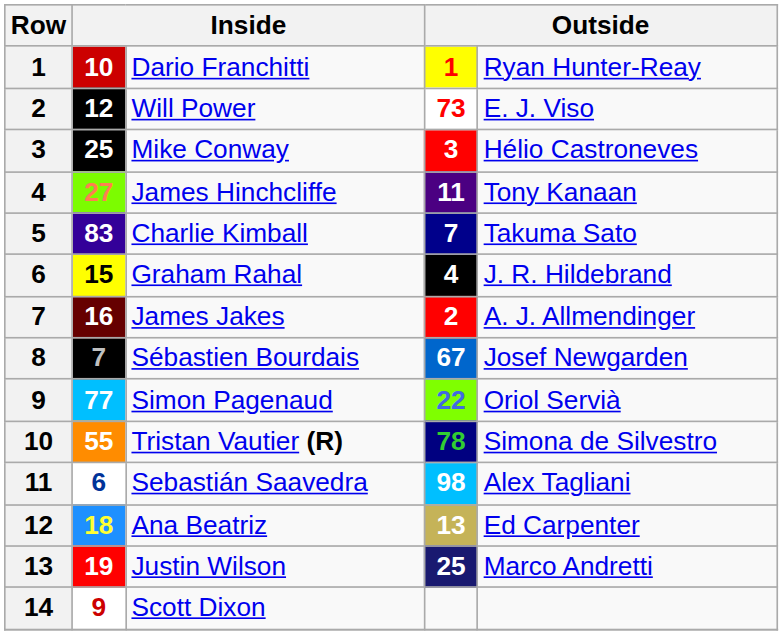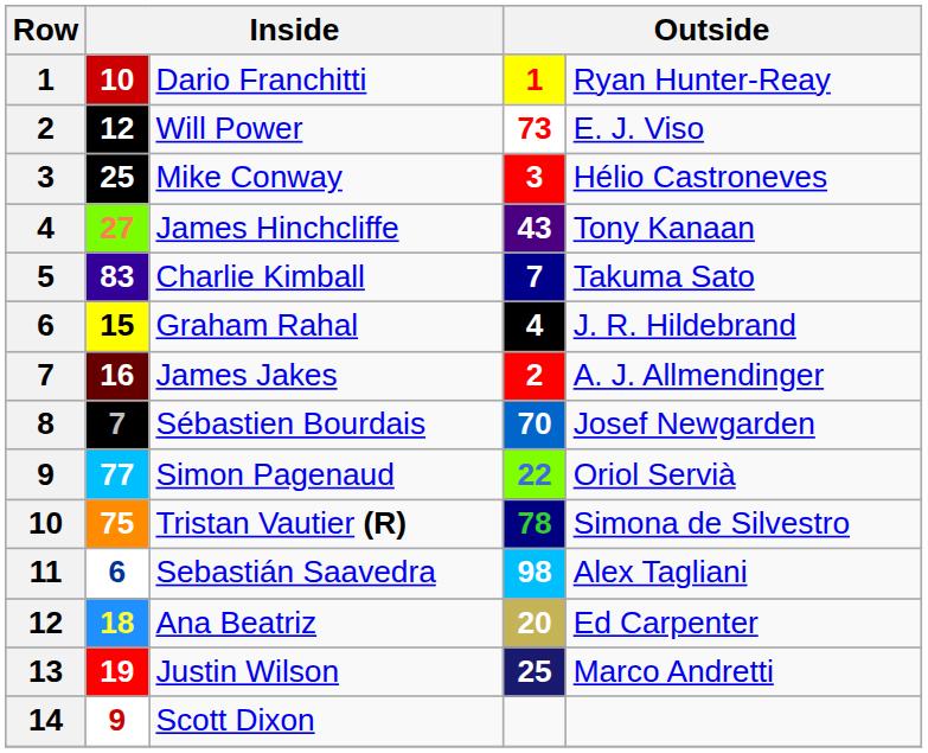 <table class="wikitable" " style="fontsize:95%">
 <tr>
 <th width="25">Row</th>
 <th colspan=2 width="200">Inside</th>
 <th colspan=2 width="200">Outside</th>
 </tr>
 <tr>
 <th>1</th>
 <td style="background:#CC0000; color:white;" align="center" width="25"><strong>10</strong></td>
 <td width="175"> <a href='#'>Dario Franchitti</a></td>
 <td style="background:yellow; color:red;" align="center" width="25"><strong>1</strong></td>
 <td width="175"> <a href='#'>Ryan Hunter-Reay</a></td>
 </tr>
 <tr>
 <th>2</th>
 <td style="background:black; color:white;" align="center" width="25"><strong>12</strong></td>
 <td width="175"> <a href='#'>Will Power</a></td>
 <td style="background:white; color:red;" align="center" width="25"><strong>73</strong></td>
 <td width="175"> <a href='#'>E. J. Viso</a></td>
 </tr>
 <tr>
 <th>3</th>
 <td style="background:black; color:white;" align="center"><strong>25</strong></td>
 <td> <a href='#'>Mike Conway</a></td>
 <td style="background:red; color:white;" align="center" width="25"><strong>3</strong></td>
 <td width="175"> <a href='#'>Hélio Castroneves</a></td>
 </tr>
 <tr>
 <th>4</th>
 <td style="background:lawngreen; color:coral;" align="center" width="25"><strong>27</strong></td>
 <td width="175"> <a href='#'>James Hinchcliffe</a></td>
-<td style="background:indigo; color:white;" align="center" width="25"><strong>11</strong></td>
+<td style="background:indigo; color:white;" align="center" width="25"><strong>43</strong></td>
 <td width="175"> <a href='#'>Tony Kanaan</a></td>
 </tr>
 <tr>
 <th>5</th>
 <td style="background:#330099; color:white;" align="center" width="25"><strong>83</strong></td>
 <td width="175"> <a href='#'>Charlie Kimball</a></td>
 <td style="background:darkblue; color:white;" align="center" width="25"><strong>7</strong></td>
 <td width="175"> <a href='#'>Takuma Sato</a></td>
 </tr>
 <tr>
 <th>6</th>
 <td style="background:yellow; color:black;" align="center" width="25"><strong>15</strong></td>
 <td width="175"> <a href='#'>Graham Rahal</a></td>
 <td style="background:black; color:white;" align="center" width="25"><strong>4</strong></td>
 <td width="175"> <a href='#'>J. R. Hildebrand</a></td>
 </tr>
 <tr>
 <th>7</th>
 <td style="background:#660000; color:white;" align="center" width="25"><strong>16</strong></td>
 <td width="175"> <a href='#'>James Jakes</a></td>
 <td style="background:red; color:white;" align="center"><strong>2</strong></td>
 <td> <a href='#'>A. J. Allmendinger</a></td>
 </tr>
 <tr>
 <th>8</th>
 <td style="background:black; color:silver;" align="center"><strong>7</strong></td>
 <td> <a href='#'>Sébastien Bourdais</a></td>
-<td style="background:#0066CC; color:white;" align="center"><strong>67</strong></td>
+<td style="background:#0066CC; color:white;" align="center"><strong>70</strong></td>
 <td> <a href='#'>Josef Newgarden</a></td>
 </tr>
 <tr>
 <th>9</th>
 <td style="background:deepskyblue; color:white;" align="center" width="25"><strong>77</strong></td>
 <td width="175"> <a href='#'>Simon Pagenaud</a></td>
 <td style="background:chartreuse; color:royalblue;" align="center"><strong>22</strong></td>
 <td> <a href='#'>Oriol Servià</a></td>
 </tr>
 <tr>
 <th>10</th>
-<td style="background:darkorange; color:white;" align="center"><strong>55</strong></td>
+<td style="background:darkorange; color:white;" align="center"><strong>75</strong></td>
 <td> <a href='#'>Tristan Vautier</a> <strong>(R)</strong></td>
 <td style="background:navy; color:limegreen;" align="center"><strong>78</strong></td>
 <td> <a href='#'>Simona de Silvestro</a></td>
 </tr>
 <tr>
 <th>11</th>
 <td style="background:white; color:#003399;" align="center"><strong>6</strong></td>
 <td> <a href='#'>Sebastián Saavedra</a></td>
 <td style="background:deepskyblue; color:white;" align="center"><strong>98</strong></td>
 <td> <a href='#'>Alex Tagliani</a></td>
 </tr>
 <tr>
 <th>12</th>
 <td style="background:dodgerblue; color:#FFFF33;" align="center" width="25"><strong>18</strong></td>
 <td width="175"> <a href='#'>Ana Beatriz</a></td>
-<td style="background:#C5B358; color:white;" align="center" width="25"><strong>13</strong></td>
+<td style="background:#C5B358; color:white;" align="center" width="25"><strong>20</strong></td>
 <td width="175"> <a href='#'>Ed Carpenter</a></td>
 </tr>
 <tr>
 <th>13</th>
 <td style="background:red; color:white;" align=center><strong>19</strong></td>
 <td> <a href='#'>Justin Wilson</a></td>
 <td style="background:midnightblue; color:white;" align="center"><strong>25</strong></td>
 <td> <a href='#'>Marco Andretti</a></td>
 </tr>
 <tr>
 <th>14</th>
 <td style="background:white; color:#CC0000;" align="center"><strong>9</strong></td>
 <td> <a href='#'>Scott Dixon</a></td>
 <td></td>
 <td></td>
 </tr>
 <tr>
 </tr>
 </table>
